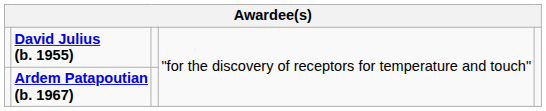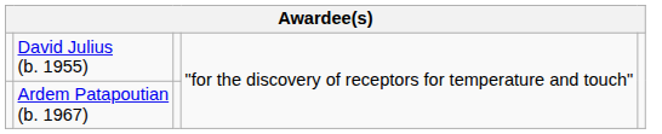 <table class="wikitable">
 <tr>
 <th colspan="5">Awardee(s)</th>
 </tr>
 <tr>
 <td></td>
-<td><strong><a href='#'>David Julius</a><br>(b. 1955)</strong></td>
+<td><a href='#'>David Julius</a><br>(b. 1955)</td>
 <td></td>
 <td rowspan="2">"for the discovery of receptors for temperature and touch"</td>
 <td rowspan="2"></td>
 </tr>
 <tr>
 <td></td>
-<td><strong><a href='#'>Ardem Patapoutian</a><br>(b. 1967)</strong></td>
+<td><a href='#'>Ardem Patapoutian</a><br>(b. 1967)</td>
 <td><br></td>
 </tr>
 </table>
